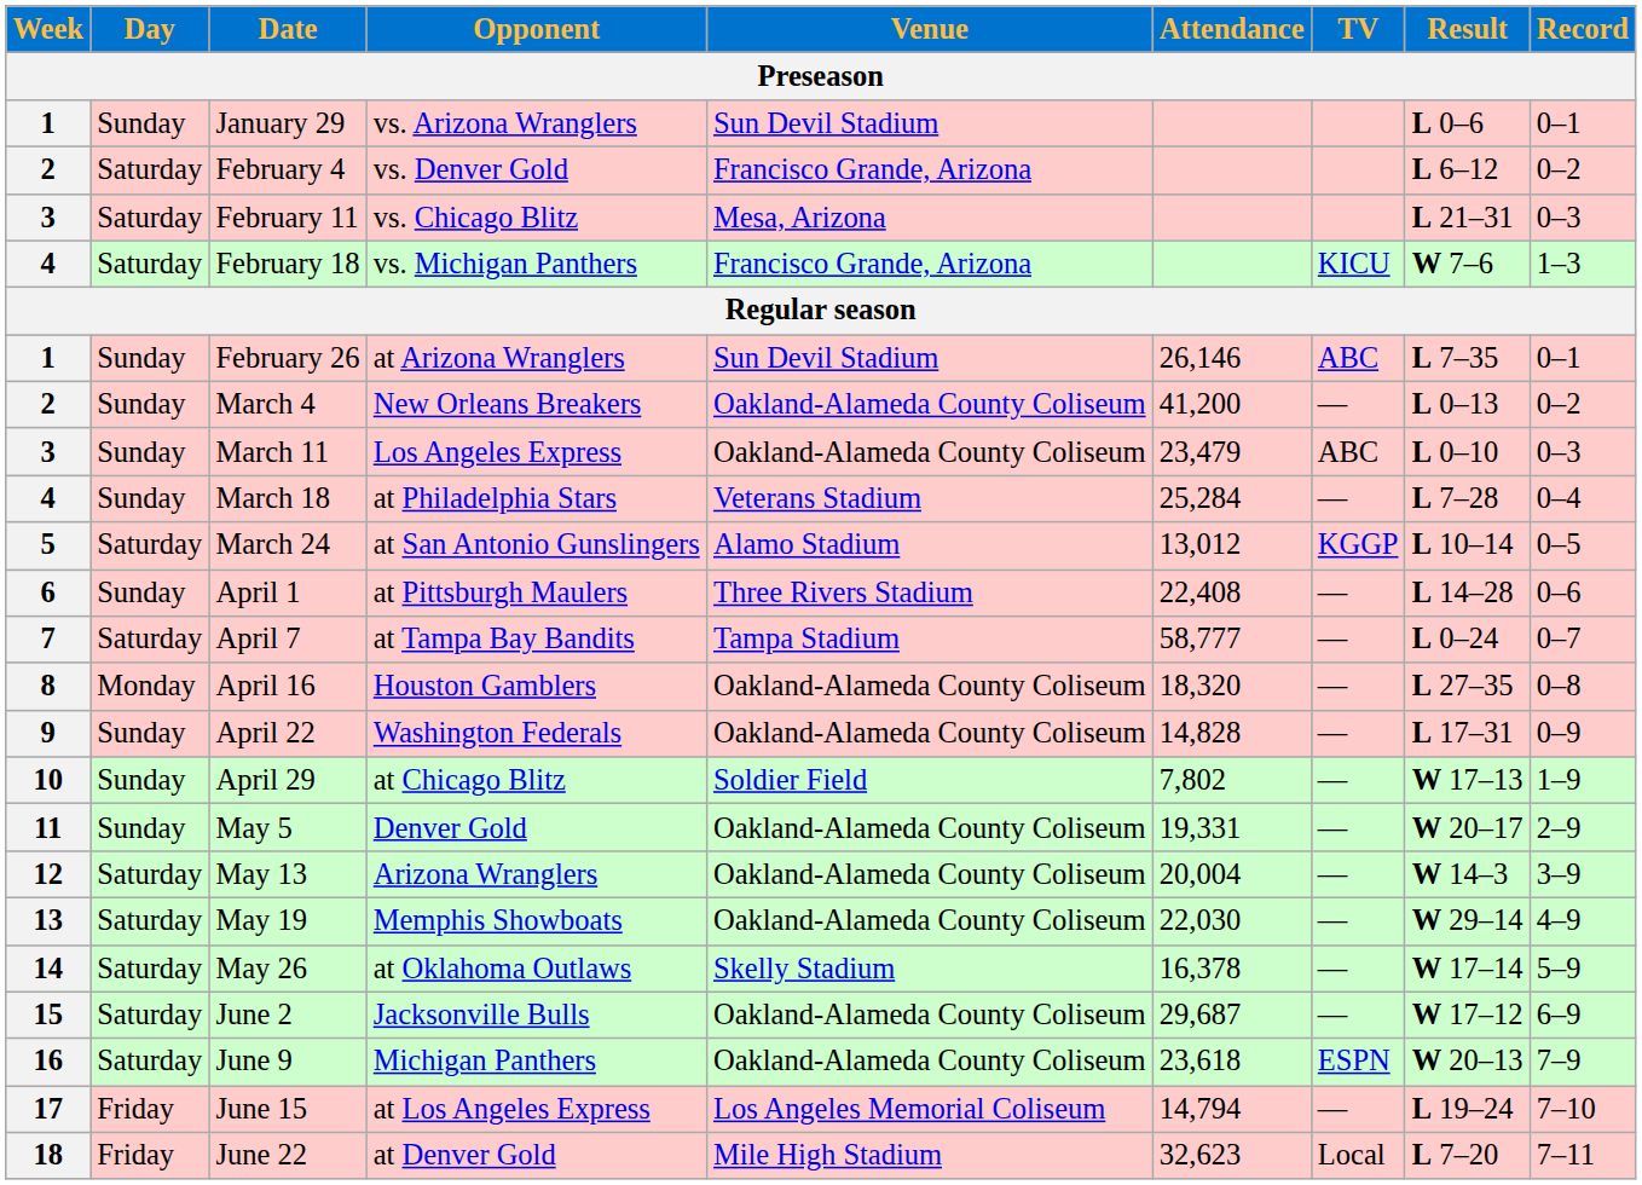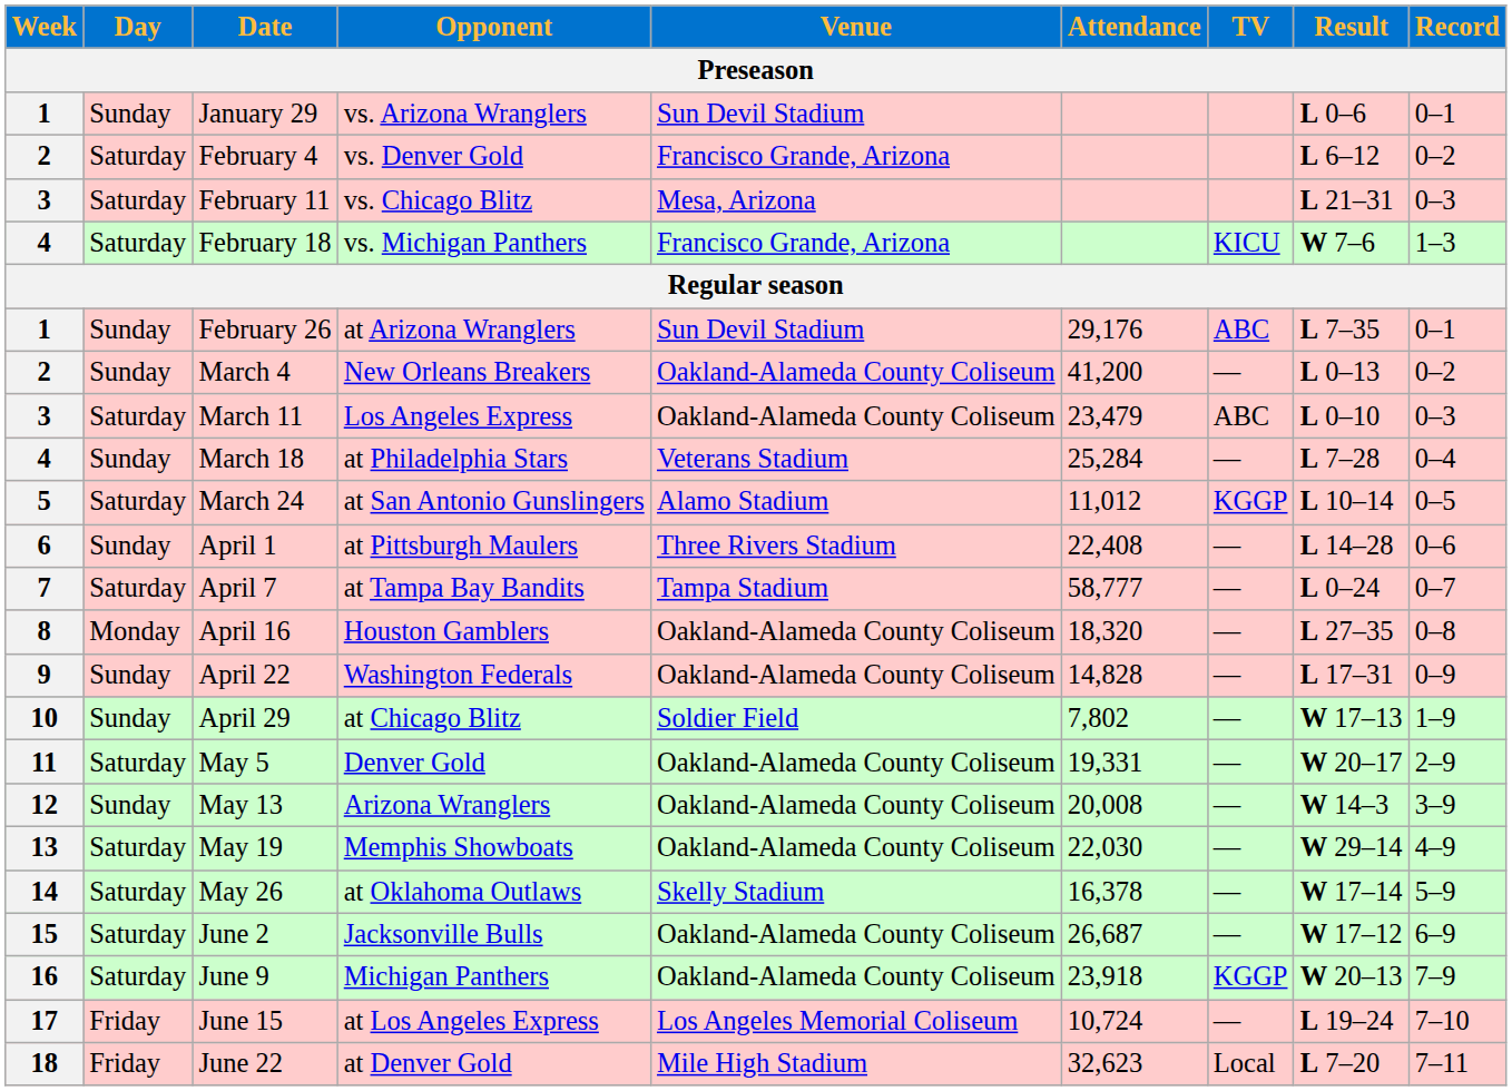 <table class="wikitable">
 <tr>
 <th style="background:#0073CF; color:#FFBC3D;">Week</th>
 <th style="background:#0073CF; color:#FFBC3D;">Day</th>
 <th style="background:#0073CF; color:#FFBC3D;">Date</th>
 <th style="background:#0073CF; color:#FFBC3D;">Opponent</th>
 <th style="background:#0073CF; color:#FFBC3D;">Venue</th>
 <th style="background:#0073CF; color:#FFBC3D;">Attendance</th>
 <th style="background:#0073CF; color:#FFBC3D;">TV</th>
 <th style="background:#0073CF; color:#FFBC3D;">Result</th>
 <th style="background:#0073CF; color:#FFBC3D;">Record</th>
 </tr>
 <tr style="text-align:center;">
 <th colspan="9">Preseason</th>
 </tr>
 <tr style="background:#fcc">
 <th>1</th>
 <td>Sunday</td>
 <td>January 29</td>
 <td>vs. <a href='#'>Arizona Wranglers</a></td>
 <td><a href='#'>Sun Devil Stadium</a></td>
 <td></td>
 <td></td>
 <td><strong>L</strong> 0–6</td>
 <td>0–1</td>
 </tr>
 <tr style="background:#fcc">
 <th>2</th>
 <td>Saturday</td>
 <td>February 4</td>
 <td>vs. <a href='#'>Denver Gold</a></td>
 <td><a href='#'>Francisco Grande, Arizona</a></td>
 <td></td>
 <td></td>
 <td><strong>L</strong> 6–12</td>
 <td>0–2</td>
 </tr>
 <tr style="background:#fcc">
 <th>3</th>
 <td>Saturday</td>
 <td>February 11</td>
 <td>vs. <a href='#'>Chicago Blitz</a></td>
 <td><a href='#'>Mesa, Arizona</a></td>
 <td></td>
 <td></td>
 <td><strong>L</strong> 21–31</td>
 <td>0–3</td>
 </tr>
 <tr style="background:#cfc">
 <th>4</th>
 <td>Saturday</td>
 <td>February 18</td>
 <td>vs. <a href='#'>Michigan Panthers</a></td>
 <td><a href='#'>Francisco Grande, Arizona</a></td>
 <td></td>
 <td><a href='#'>KICU</a></td>
 <td><strong>W</strong> 7–6</td>
 <td>1–3</td>
 </tr>
 <tr style="text-align:center;">
 <th colspan="9">Regular season</th>
 </tr>
 <tr style="background:#fcc">
 <th>1</th>
 <td>Sunday</td>
 <td>February 26</td>
 <td>at <a href='#'>Arizona Wranglers</a></td>
 <td><a href='#'>Sun Devil Stadium</a></td>
-<td>26,146</td>
+<td>29,176</td>
 <td><a href='#'>ABC</a></td>
 <td><strong>L</strong> 7–35</td>
 <td>0–1</td>
 </tr>
 <tr style="background:#fcc">
 <th>2</th>
 <td>Sunday</td>
 <td>March 4</td>
 <td><a href='#'>New Orleans Breakers</a></td>
 <td><a href='#'>Oakland-Alameda County Coliseum</a></td>
 <td>41,200</td>
 <td>—</td>
 <td><strong>L</strong> 0–13</td>
 <td>0–2</td>
 </tr>
 <tr style="background:#fcc">
 <th>3</th>
-<td>Sunday</td>
+<td>Saturday</td>
 <td>March 11</td>
 <td><a href='#'>Los Angeles Express</a></td>
 <td>Oakland-Alameda County Coliseum</td>
 <td>23,479</td>
 <td>ABC</td>
 <td><strong>L</strong> 0–10</td>
 <td>0–3</td>
 </tr>
 <tr style="background:#fcc">
 <th>4</th>
 <td>Sunday</td>
 <td>March 18</td>
 <td>at <a href='#'>Philadelphia Stars</a></td>
 <td><a href='#'>Veterans Stadium</a></td>
 <td>25,284</td>
 <td>—</td>
 <td><strong>L</strong> 7–28</td>
 <td>0–4</td>
 </tr>
 <tr style="background:#fcc">
 <th>5</th>
 <td>Saturday</td>
 <td>March 24</td>
 <td>at <a href='#'>San Antonio Gunslingers</a></td>
 <td><a href='#'>Alamo Stadium</a></td>
-<td>13,012</td>
+<td>11,012</td>
 <td><a href='#'>KGGP</a></td>
 <td><strong>L</strong> 10–14</td>
 <td>0–5</td>
 </tr>
 <tr style="background:#fcc">
 <th>6</th>
 <td>Sunday</td>
 <td>April 1</td>
 <td>at <a href='#'>Pittsburgh Maulers</a></td>
 <td><a href='#'>Three Rivers Stadium</a></td>
 <td>22,408</td>
 <td>—</td>
 <td><strong>L</strong> 14–28</td>
 <td>0–6</td>
 </tr>
 <tr style="background:#fcc">
 <th>7</th>
 <td>Saturday</td>
 <td>April 7</td>
 <td>at <a href='#'>Tampa Bay Bandits</a></td>
 <td><a href='#'>Tampa Stadium</a></td>
 <td>58,777</td>
 <td>—</td>
 <td><strong>L</strong> 0–24</td>
 <td>0–7</td>
 </tr>
 <tr style="background:#fcc">
 <th>8</th>
 <td>Monday</td>
 <td>April 16</td>
 <td><a href='#'>Houston Gamblers</a></td>
 <td>Oakland-Alameda County Coliseum</td>
 <td>18,320</td>
 <td>—</td>
 <td><strong>L</strong> 27–35</td>
 <td>0–8</td>
 </tr>
 <tr style="background:#fcc">
 <th>9</th>
 <td>Sunday</td>
 <td>April 22</td>
 <td><a href='#'>Washington Federals</a></td>
 <td>Oakland-Alameda County Coliseum</td>
 <td>14,828</td>
 <td>—</td>
 <td><strong>L</strong> 17–31</td>
 <td>0–9</td>
 </tr>
 <tr style="background:#cfc">
 <th>10</th>
 <td>Sunday</td>
 <td>April 29</td>
 <td>at <a href='#'>Chicago Blitz</a></td>
 <td><a href='#'>Soldier Field</a></td>
 <td>7,802</td>
 <td>—</td>
 <td><strong>W</strong> 17–13</td>
 <td>1–9</td>
 </tr>
 <tr style="background:#cfc">
 <th>11</th>
-<td>Sunday</td>
+<td>Saturday</td>
 <td>May 5</td>
 <td><a href='#'>Denver Gold</a></td>
 <td>Oakland-Alameda County Coliseum</td>
 <td>19,331</td>
 <td>—</td>
 <td><strong>W</strong> 20–17 </td>
 <td>2–9</td>
 </tr>
 <tr style="background:#cfc">
 <th>12</th>
-<td>Saturday</td>
+<td>Sunday</td>
 <td>May 13</td>
 <td><a href='#'>Arizona Wranglers</a></td>
 <td>Oakland-Alameda County Coliseum</td>
-<td>20,004</td>
+<td>20,008</td>
 <td>—</td>
 <td><strong>W</strong> 14–3</td>
 <td>3–9</td>
 </tr>
 <tr style="background:#cfc">
 <th>13</th>
 <td>Saturday</td>
 <td>May 19</td>
 <td><a href='#'>Memphis Showboats</a></td>
 <td>Oakland-Alameda County Coliseum</td>
 <td>22,030</td>
 <td>—</td>
 <td><strong>W</strong> 29–14</td>
 <td>4–9</td>
 </tr>
 <tr style="background:#cfc">
 <th>14</th>
 <td>Saturday</td>
 <td>May 26</td>
 <td>at <a href='#'>Oklahoma Outlaws</a></td>
 <td><a href='#'>Skelly Stadium</a></td>
 <td>16,378</td>
 <td>—</td>
 <td><strong>W</strong> 17–14</td>
 <td>5–9</td>
 </tr>
 <tr style="background:#cfc">
 <th>15</th>
 <td>Saturday</td>
 <td>June 2</td>
 <td><a href='#'>Jacksonville Bulls</a></td>
 <td>Oakland-Alameda County Coliseum</td>
-<td>29,687</td>
+<td>26,687</td>
 <td>—</td>
 <td><strong>W</strong> 17–12</td>
 <td>6–9</td>
 </tr>
 <tr style="background:#cfc">
 <th>16</th>
 <td>Saturday</td>
 <td>June 9</td>
 <td><a href='#'>Michigan Panthers</a></td>
 <td>Oakland-Alameda County Coliseum</td>
-<td>23,618</td>
-<td><a href='#'>ESPN</a></td>
+<td>23,918</td>
+<td><a href='#'>KGGP</a></td>
 <td><strong>W</strong> 20–13</td>
 <td>7–9</td>
 </tr>
 <tr style="background:#fcc">
 <th>17</th>
 <td>Friday</td>
 <td>June 15</td>
 <td>at <a href='#'>Los Angeles Express</a></td>
 <td><a href='#'>Los Angeles Memorial Coliseum</a></td>
-<td>14,794</td>
+<td>10,724</td>
 <td>—</td>
 <td><strong>L</strong> 19–24</td>
 <td>7–10</td>
 </tr>
 <tr style="background:#fcc">
 <th>18</th>
 <td>Friday</td>
 <td>June 22</td>
 <td>at <a href='#'>Denver Gold</a></td>
 <td><a href='#'>Mile High Stadium</a></td>
 <td>32,623</td>
 <td>Local</td>
 <td><strong>L</strong> 7–20</td>
 <td>7–11</td>
 </tr>
 </table>
